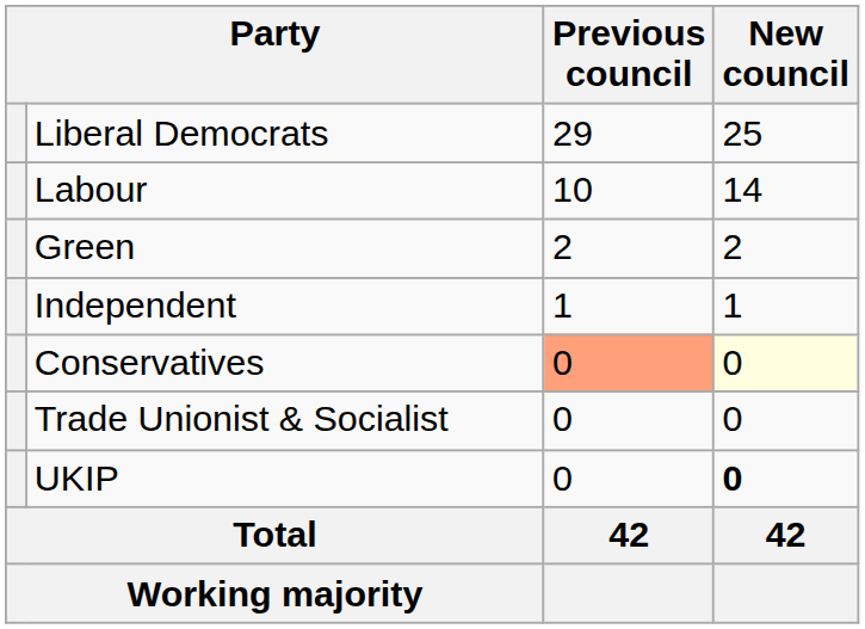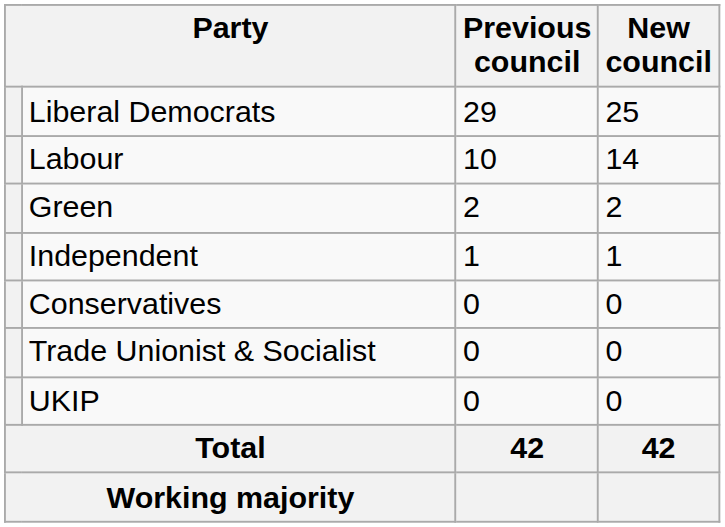 <table class="wikitable">
 <tr>
 <th valign=top colspan="2" style="width: 230px">Party</th>
 <th valign=top style="width: 30px">Previous council</th>
 <th valign=top style="width: 30px">New council</th>
 </tr>
 <tr>
 <th style="background-color: "></th>
 <td>Liberal Democrats</td>
 <td>29</td>
 <td>25</td>
 </tr>
 <tr>
 <th style="background-color: "></th>
 <td>Labour</td>
 <td>10</td>
 <td>14</td>
 </tr>
 <tr>
 <th style="background-color: "></th>
 <td>Green</td>
 <td>2</td>
 <td>2</td>
 </tr>
 <tr>
 <th style="background-color: "></th>
 <td>Independent</td>
 <td>1</td>
 <td>1</td>
 </tr>
 <tr>
 <th style="background-color: "></th>
 <td>Conservatives</td>
-<td style="background: lightsalmon;">0</td>
-<td style="background: lightyellow;">0</td>
+<td>0</td>
+<td>0</td>
 </tr>
 <tr>
 <th style="background-color: "></th>
 <td>Trade Unionist & Socialist</td>
 <td>0</td>
 <td>0</td>
 </tr>
 <tr>
 <th style="background-color: "></th>
 <td>UKIP</td>
 <td>0</td>
-<td><strong>0</strong></td>
+<td>0</td>
 </tr>
 <tr>
 <th colspan=2>Total</th>
 <th style="text-align: center">42</th>
 <th colspan=3>42</th>
 </tr>
 <tr>
 <th colspan=2>Working majority</th>
 <th></th>
 <th></th>
 </tr>
 </table>
